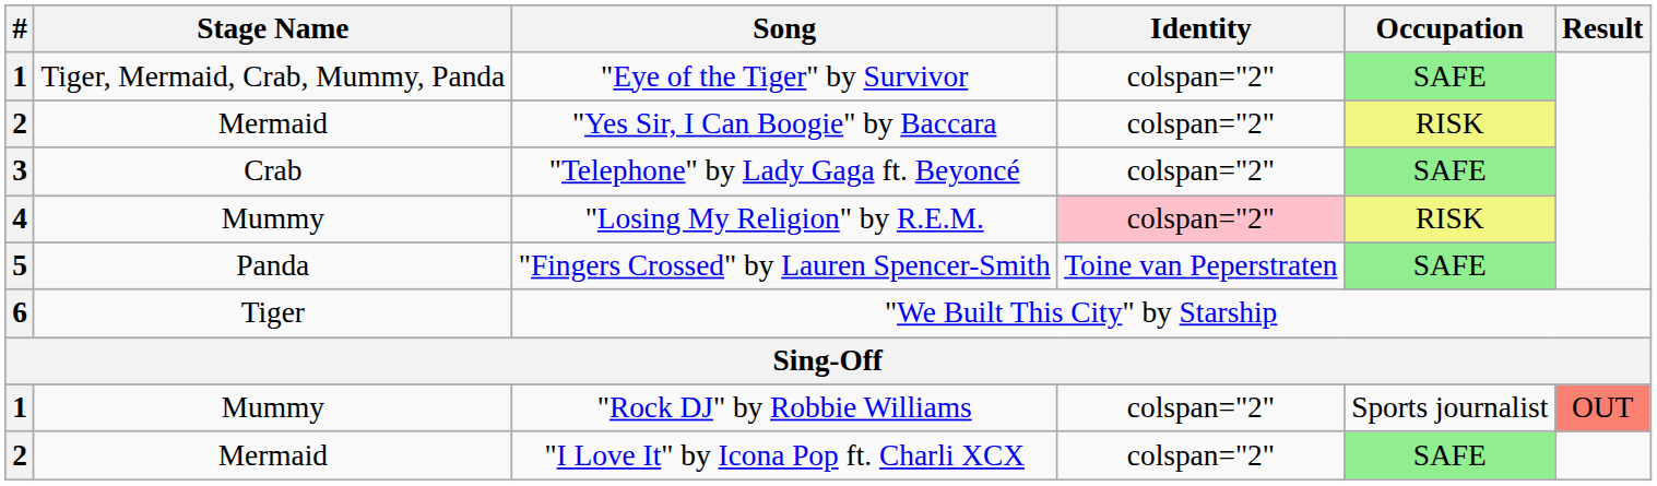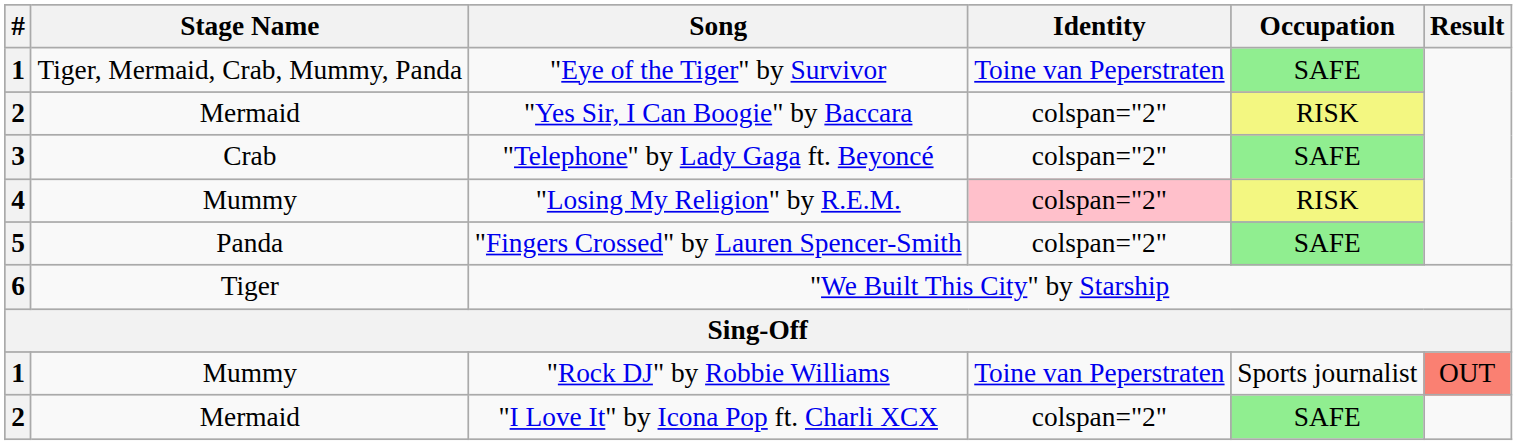 <table class="wikitable plainrowheaders" style="text-align: center;">
 <tr>
 <th><strong>#</strong></th>
 <th><strong>Stage Name</strong></th>
 <th><strong>Song</strong></th>
 <th>Identity</th>
 <th><strong>Occupation</strong></th>
 <th>Result</th>
 </tr>
 <tr>
 <th>1</th>
 <td>Tiger, Mermaid, Crab, Mummy, Panda</td>
 <td>"<a href='#'>Eye of the Tiger</a>" by <a href='#'>Survivor</a></td>
-<td>colspan="2" </td>
+<td><a href='#'>Toine van Peperstraten</a></td>
 <td bgcolor="lightgreen">SAFE</td>
 </tr>
 <tr>
 <th>2</th>
 <td>Mermaid</td>
 <td>"<a href='#'>Yes Sir, I Can Boogie</a>" by <a href='#'>Baccara</a></td>
 <td>colspan="2" </td>
 <td bgcolor="#F3F781">RISK</td>
 </tr>
 <tr>
 <th>3</th>
 <td>Crab</td>
 <td>"<a href='#'>Telephone</a>" by <a href='#'>Lady Gaga</a> ft. <a href='#'>Beyoncé</a></td>
 <td>colspan="2" </td>
 <td bgcolor="lightgreen">SAFE</td>
 </tr>
 <tr>
 <th>4</th>
 <td>Mummy</td>
 <td>"<a href='#'>Losing My Religion</a>" by <a href='#'>R.E.M.</a></td>
 <td style="background: pink;">colspan="2" </td>
 <td bgcolor="#F3F781">RISK</td>
 </tr>
 <tr>
 <th>5</th>
 <td>Panda</td>
 <td>"<a href='#'>Fingers Crossed</a>" by <a href='#'>Lauren Spencer-Smith</a></td>
-<td><a href='#'>Toine van Peperstraten</a></td>
+<td>colspan="2" </td>
 <td bgcolor="lightgreen">SAFE</td>
 </tr>
 <tr>
 <th>6</th>
 <td>Tiger</td>
 <td colspan="4">"<a href='#'>We Built This City</a>" by <a href='#'>Starship</a></td>
 </tr>
 <tr>
 <th colspan="6">Sing-Off</th>
 </tr>
 <tr>
 <th>1</th>
 <td>Mummy</td>
 <td>"<a href='#'>Rock DJ</a>" by <a href='#'>Robbie Williams</a></td>
-<td>colspan="2" </td>
+<td><a href='#'>Toine van Peperstraten</a></td>
 <td>Sports journalist</td>
 <td bgcolor="salmon">OUT</td>
 </tr>
 <tr>
 <th>2</th>
 <td>Mermaid</td>
 <td>"<a href='#'>I Love It</a>" by <a href='#'>Icona Pop</a> ft. <a href='#'>Charli XCX</a></td>
 <td>colspan="2" </td>
 <td bgcolor="lightgreen">SAFE</td>
 </tr>
 </table>
